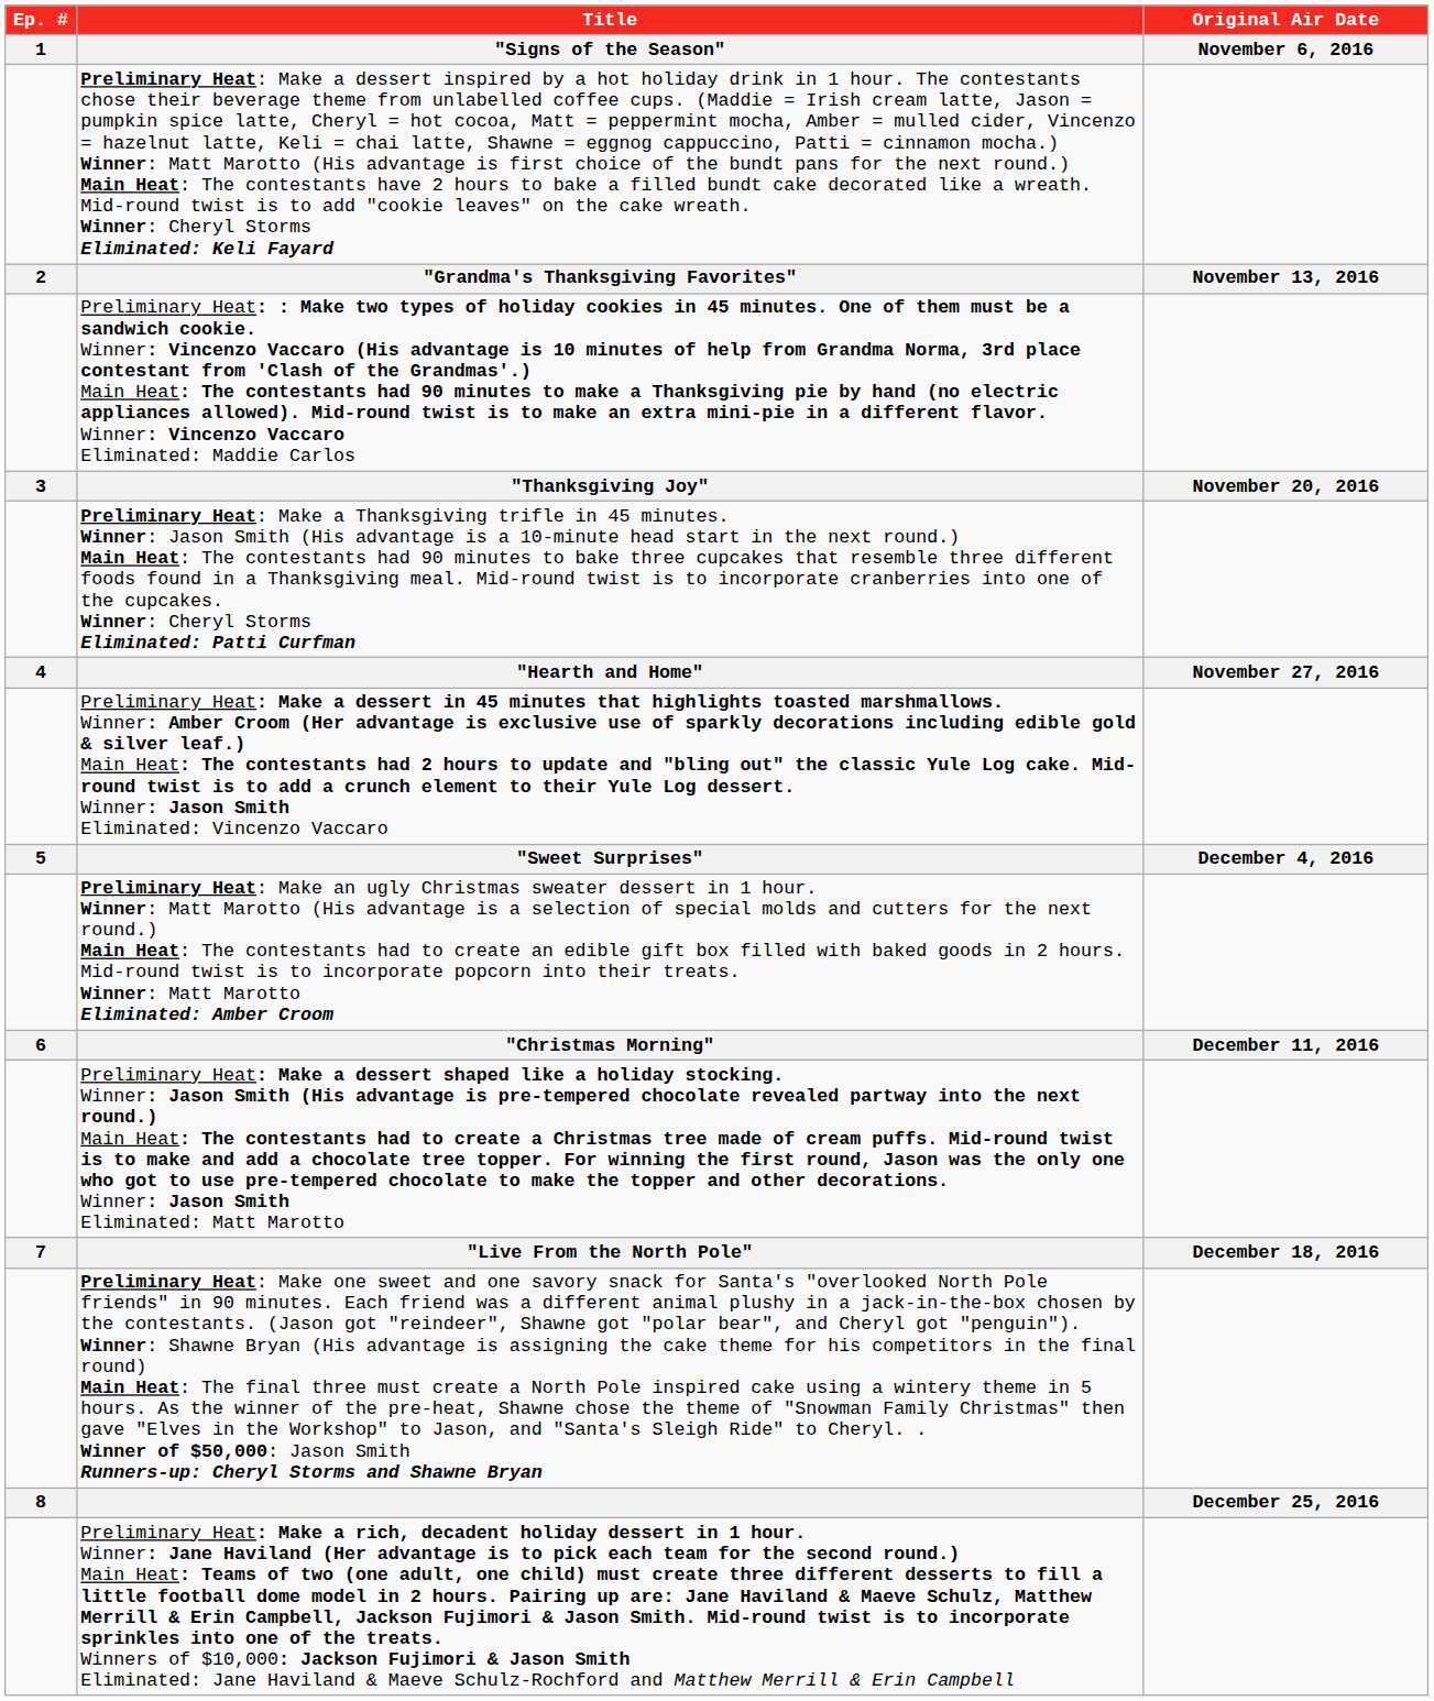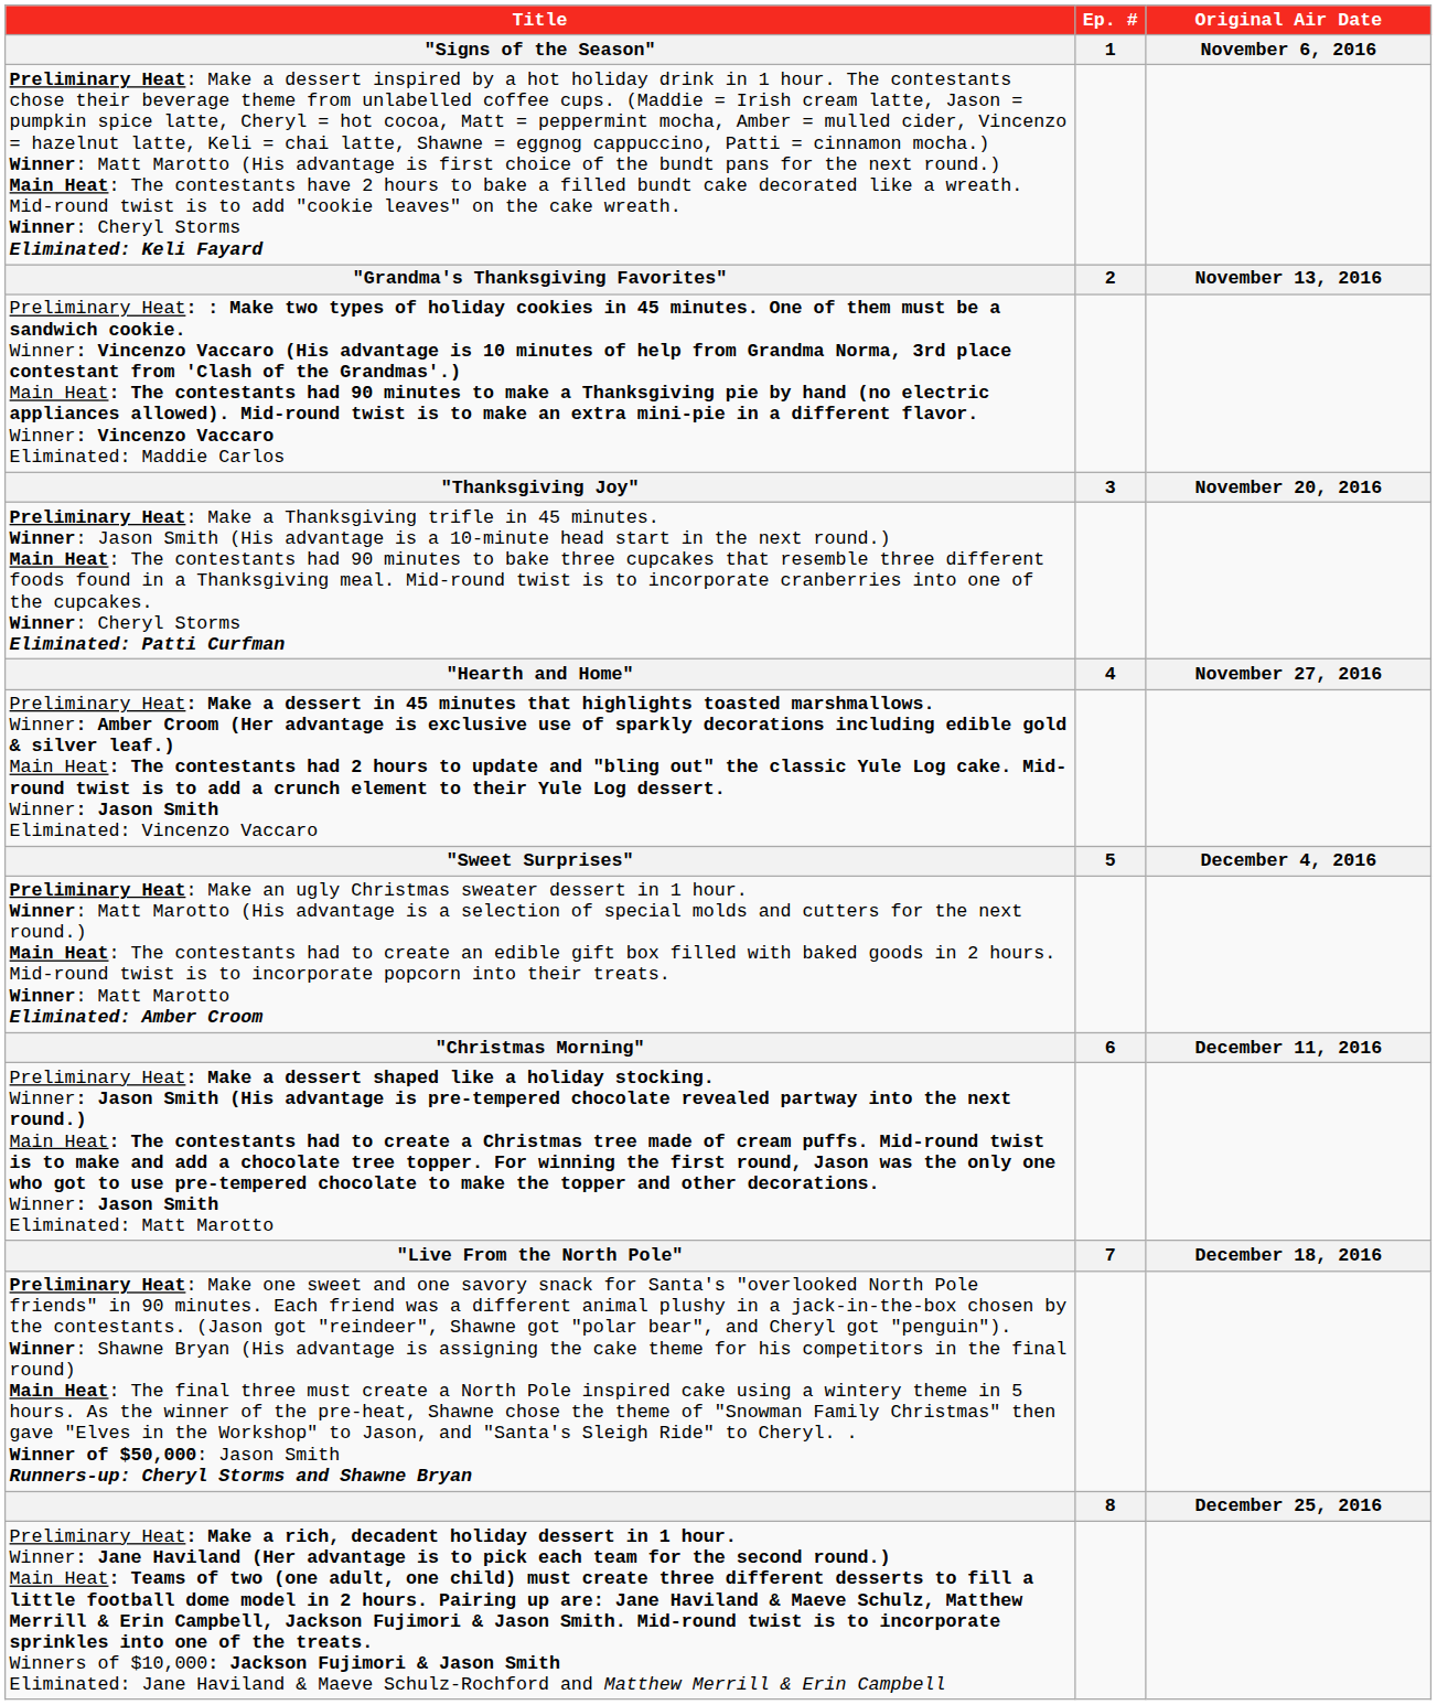 <table class="wikitable plainrowheaders" style="width:80%;">
 <tr>
+<th style="background-color: #f62a20; color: #FFFFFF;">Title</th>
 <th style="background-color: #f62a20; color: #FFFFFF;" width=5%>Ep. #</th>
-<th style="background-color: #f62a20; color: #FFFFFF;">Title</th>
 <th style="background-color: #f62a20; color: #FFFFFF;" width=20%>Original Air Date</th>
 </tr>
 <tr>
+<th>"Signs of the Season"</th>
 <th align="center">1</th>
-<th>"Signs of the Season"</th>
 <th>November 6, 2016</th>
 </tr>
 <tr>
+<td><strong><u>Preliminary Heat</u></strong>: Make a dessert inspired by a hot holiday drink in 1 hour. The contestants chose their beverage theme from unlabelled coffee cups. (Maddie = Irish cream latte, Jason = pumpkin spice latte, Cheryl = hot cocoa, Matt = peppermint mocha, Amber = mulled cider, Vincenzo = hazelnut latte, Keli = chai latte, Shawne = eggnog cappuccino, Patti = cinnamon mocha.)<br><strong>Winner</strong>: Matt Marotto (His advantage is first choice of the bundt pans for the next round.)<br><strong><u>Main Heat</u></strong>: The contestants have 2 hours to bake a filled bundt cake decorated like a wreath. Mid-round twist is to add "cookie leaves" on the cake wreath.<br><strong>Winner</strong>: Cheryl Storms<br><strong><em>Eliminated<strong>: Keli Fayard<em></td>
 <td></td>
-<td><strong><u>Preliminary Heat</u></strong>: Make a dessert inspired by a hot holiday drink in 1 hour. The contestants chose their beverage theme from unlabelled coffee cups. (Maddie = Irish cream latte, Jason = pumpkin spice latte, Cheryl = hot cocoa, Matt = peppermint mocha, Amber = mulled cider, Vincenzo = hazelnut latte, Keli = chai latte, Shawne = eggnog cappuccino, Patti = cinnamon mocha.)<br><strong>Winner</strong>: Matt Marotto (His advantage is first choice of the bundt pans for the next round.)<br><strong><u>Main Heat</u></strong>: The contestants have 2 hours to bake a filled bundt cake decorated like a wreath. Mid-round twist is to add "cookie leaves" on the cake wreath.<br><strong>Winner</strong>: Cheryl Storms<br><strong><em>Eliminated<strong>: Keli Fayard<em></td>
 <td></td>
 </tr>
 <tr>
+<th>"Grandma's Thanksgiving Favorites"</th>
 <th align="center">2</th>
-<th>"Grandma's Thanksgiving Favorites"</th>
 <th>November 13, 2016</th>
 </tr>
 <tr>
+<td></strong><u>Preliminary Heat</u><strong>: : Make two types of holiday cookies in 45 minutes. One of them must be a sandwich cookie.<br></strong>Winner<strong>: Vincenzo Vaccaro (His advantage is 10 minutes of help from Grandma Norma, 3rd place contestant from 'Clash of the Grandmas'.)<br></strong><u>Main Heat</u><strong>: The contestants had 90 minutes to make a Thanksgiving pie by hand (no electric appliances allowed). Mid-round twist is to make an extra mini-pie in a different flavor.<br></strong>Winner<strong>: Vincenzo Vaccaro<br></em></strong>Eliminated</strong>: Maddie Carlos</em></td>
 <td></td>
-<td></strong><u>Preliminary Heat</u><strong>: : Make two types of holiday cookies in 45 minutes. One of them must be a sandwich cookie.<br></strong>Winner<strong>: Vincenzo Vaccaro (His advantage is 10 minutes of help from Grandma Norma, 3rd place contestant from 'Clash of the Grandmas'.)<br></strong><u>Main Heat</u><strong>: The contestants had 90 minutes to make a Thanksgiving pie by hand (no electric appliances allowed). Mid-round twist is to make an extra mini-pie in a different flavor.<br></strong>Winner<strong>: Vincenzo Vaccaro<br></em></strong>Eliminated</strong>: Maddie Carlos</em></td>
 <td></td>
 </tr>
 <tr>
+<th>"Thanksgiving Joy"</th>
 <th align="center">3</th>
-<th>"Thanksgiving Joy"</th>
 <th>November 20, 2016</th>
 </tr>
 <tr>
+<td><strong><u>Preliminary Heat</u></strong>: Make a Thanksgiving trifle in 45 minutes.<br><strong>Winner</strong>: Jason Smith (His advantage is a 10-minute head start in the next round.)<br><strong><u>Main Heat</u></strong>: The contestants had 90 minutes to bake three cupcakes that resemble three different foods found in a Thanksgiving meal. Mid-round twist is to incorporate cranberries into one of the cupcakes.<br><strong>Winner</strong>: Cheryl Storms<br><strong><em>Eliminated<strong>: Patti Curfman<em></td>
 <td></td>
-<td><strong><u>Preliminary Heat</u></strong>: Make a Thanksgiving trifle in 45 minutes.<br><strong>Winner</strong>: Jason Smith (His advantage is a 10-minute head start in the next round.)<br><strong><u>Main Heat</u></strong>: The contestants had 90 minutes to bake three cupcakes that resemble three different foods found in a Thanksgiving meal. Mid-round twist is to incorporate cranberries into one of the cupcakes.<br><strong>Winner</strong>: Cheryl Storms<br><strong><em>Eliminated<strong>: Patti Curfman<em></td>
 <td></td>
 </tr>
 <tr>
+<th>"Hearth and Home"</th>
 <th align="center">4</th>
-<th>"Hearth and Home"</th>
 <th>November 27, 2016</th>
 </tr>
 <tr>
+<td></strong><u>Preliminary Heat</u><strong>: Make a dessert in 45 minutes that highlights toasted marshmallows.<br></strong>Winner<strong>: Amber Croom (Her advantage is exclusive use of sparkly decorations including edible gold & silver leaf.)<br></strong><u>Main Heat</u><strong>: The contestants had 2 hours to update and "bling out" the classic Yule Log cake. Mid-round twist is to add a crunch element to their Yule Log dessert.<br></strong>Winner<strong>: Jason Smith<br></em></strong>Eliminated</strong>: Vincenzo Vaccaro</em></td>
 <td></td>
-<td></strong><u>Preliminary Heat</u><strong>: Make a dessert in 45 minutes that highlights toasted marshmallows.<br></strong>Winner<strong>: Amber Croom (Her advantage is exclusive use of sparkly decorations including edible gold & silver leaf.)<br></strong><u>Main Heat</u><strong>: The contestants had 2 hours to update and "bling out" the classic Yule Log cake. Mid-round twist is to add a crunch element to their Yule Log dessert.<br></strong>Winner<strong>: Jason Smith<br></em></strong>Eliminated</strong>: Vincenzo Vaccaro</em></td>
 <td></td>
 </tr>
 <tr>
+<th>"Sweet Surprises"</th>
 <th>5</th>
-<th>"Sweet Surprises"</th>
 <th>December 4, 2016</th>
 </tr>
 <tr>
+<td><strong><u>Preliminary Heat</u></strong>: Make an ugly Christmas sweater dessert in 1 hour.<br><strong>Winner</strong>: Matt Marotto (His advantage is a selection of special molds and cutters for the next round.)<br><strong><u>Main Heat</u></strong>: The contestants had to create an edible gift box filled with baked goods in 2 hours. Mid-round twist is to incorporate popcorn into their treats.<br><strong>Winner</strong>: Matt Marotto<br><strong><em>Eliminated<strong>: Amber Croom<em></td>
 <td></td>
-<td><strong><u>Preliminary Heat</u></strong>: Make an ugly Christmas sweater dessert in 1 hour.<br><strong>Winner</strong>: Matt Marotto (His advantage is a selection of special molds and cutters for the next round.)<br><strong><u>Main Heat</u></strong>: The contestants had to create an edible gift box filled with baked goods in 2 hours. Mid-round twist is to incorporate popcorn into their treats.<br><strong>Winner</strong>: Matt Marotto<br><strong><em>Eliminated<strong>: Amber Croom<em></td>
 <td></td>
 </tr>
 <tr>
+<th>"Christmas Morning"</th>
 <th>6</th>
-<th>"Christmas Morning"</th>
 <th>December 11, 2016</th>
 </tr>
 <tr>
+<td></strong><u>Preliminary Heat</u><strong>: Make a dessert shaped like a holiday stocking.<br></strong>Winner<strong>: Jason Smith (His advantage is pre-tempered chocolate revealed partway into the next round.)<br></strong><u>Main Heat</u><strong>: The contestants had to create a Christmas tree made of cream puffs. Mid-round twist is to make and add a chocolate tree topper. For winning the first round, Jason was the only one who got to use pre-tempered chocolate to make the topper and other decorations.<br></strong>Winner<strong>: Jason Smith<br></em></strong>Eliminated</strong>: Matt Marotto</em></td>
 <td></td>
-<td></strong><u>Preliminary Heat</u><strong>: Make a dessert shaped like a holiday stocking.<br></strong>Winner<strong>: Jason Smith (His advantage is pre-tempered chocolate revealed partway into the next round.)<br></strong><u>Main Heat</u><strong>: The contestants had to create a Christmas tree made of cream puffs. Mid-round twist is to make and add a chocolate tree topper. For winning the first round, Jason was the only one who got to use pre-tempered chocolate to make the topper and other decorations.<br></strong>Winner<strong>: Jason Smith<br></em></strong>Eliminated</strong>: Matt Marotto</em></td>
 <td></td>
 </tr>
 <tr>
+<th>"Live From the North Pole"</th>
 <th>7</th>
-<th>"Live From the North Pole"</th>
 <th>December 18, 2016</th>
 </tr>
 <tr>
+<td><strong><u>Preliminary Heat</u></strong>: Make one sweet and one savory snack for Santa's "overlooked North Pole friends" in 90 minutes. Each friend was a different animal plushy in a jack-in-the-box chosen by the contestants. (Jason got "reindeer", Shawne got "polar bear", and Cheryl got "penguin").<br><strong>Winner</strong>: Shawne Bryan (His advantage is assigning the cake theme for his competitors in the final round)<br><strong><u>Main Heat</u></strong>: The final three must create a North Pole inspired cake using a wintery theme in 5 hours. As the winner of the pre-heat, Shawne chose the theme of "Snowman Family Christmas" then gave "Elves in the Workshop" to Jason, and "Santa's Sleigh Ride" to Cheryl. .<br><strong>Winner of $50,000</strong>: Jason Smith<br><strong><em>Runners-up<strong>: Cheryl Storms<em> and </em>Shawne Bryan<em></td>
 <td></td>
-<td><strong><u>Preliminary Heat</u></strong>: Make one sweet and one savory snack for Santa's "overlooked North Pole friends" in 90 minutes. Each friend was a different animal plushy in a jack-in-the-box chosen by the contestants. (Jason got "reindeer", Shawne got "polar bear", and Cheryl got "penguin").<br><strong>Winner</strong>: Shawne Bryan (His advantage is assigning the cake theme for his competitors in the final round)<br><strong><u>Main Heat</u></strong>: The final three must create a North Pole inspired cake using a wintery theme in 5 hours. As the winner of the pre-heat, Shawne chose the theme of "Snowman Family Christmas" then gave "Elves in the Workshop" to Jason, and "Santa's Sleigh Ride" to Cheryl. .<br><strong>Winner of $50,000</strong>: Jason Smith<br><strong><em>Runners-up<strong>: Cheryl Storms<em> and </em>Shawne Bryan<em></td>
 <td></td>
 </tr>
 <tr>
+<th></th>
 <th>8</th>
-<th></th>
 <th>December 25, 2016</th>
 </tr>
 <tr>
+<td></strong><u>Preliminary Heat</u><strong>: Make a rich, decadent holiday dessert in 1 hour.<br></strong>Winner<strong>: Jane Haviland (Her advantage is to pick each team for the second round.)<br></strong><u>Main Heat</u><strong>: Teams of two (one adult, one child) must create three different desserts to fill a little football dome model in 2 hours. Pairing up are: Jane Haviland & Maeve Schulz, Matthew Merrill & Erin Campbell, Jackson Fujimori & Jason Smith. Mid-round twist is to incorporate sprinkles into one of the treats.<br></strong>Winners of $10,000<strong>: Jackson Fujimori & Jason Smith<br></em></strong>Eliminated</strong>: Jane Haviland & Maeve Schulz-Rochford</em> and <em>Matthew Merrill & Erin Campbell</em></td>
 <td></td>
-<td></strong><u>Preliminary Heat</u><strong>: Make a rich, decadent holiday dessert in 1 hour.<br></strong>Winner<strong>: Jane Haviland (Her advantage is to pick each team for the second round.)<br></strong><u>Main Heat</u><strong>: Teams of two (one adult, one child) must create three different desserts to fill a little football dome model in 2 hours. Pairing up are: Jane Haviland & Maeve Schulz, Matthew Merrill & Erin Campbell, Jackson Fujimori & Jason Smith. Mid-round twist is to incorporate sprinkles into one of the treats.<br></strong>Winners of $10,000<strong>: Jackson Fujimori & Jason Smith<br></em></strong>Eliminated</strong>: Jane Haviland & Maeve Schulz-Rochford</em> and <em>Matthew Merrill & Erin Campbell</em></td>
 <td></td>
 </tr>
 </table>
